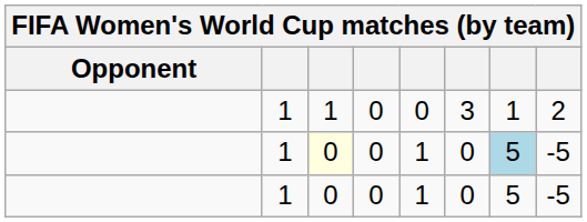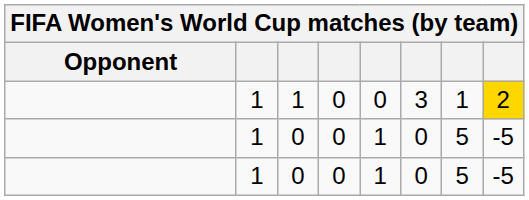 <table class="wikitable sortable" style="text-align: center;">
 <tr>
 <th colspan=8>FIFA Women's World Cup matches (by team)</th>
 </tr>
 <tr>
 <th>Opponent</th>
 <th style="width:20px;"></th>
 <th style="width:20px;"></th>
 <th style="width:20px;"></th>
 <th style="width:20px;"></th>
 <th style="width:20px;"></th>
 <th style="width:20px;"></th>
 <th style="width:20px;"></th>
 </tr>
 <tr>
 <td align="left"></td>
 <td>1</td>
 <td>1</td>
 <td>0</td>
 <td>0</td>
 <td>3</td>
 <td>1</td>
-<td>2</td>
+<td style="background: gold;">2</td>
 </tr>
 <tr>
 <td align="left"></td>
 <td>1</td>
-<td style="background: lightyellow;">0</td>
+<td>0</td>
 <td>0</td>
 <td>1</td>
 <td>0</td>
-<td style="background: lightblue;">5</td>
+<td>5</td>
 <td>-5</td>
 </tr>
 <tr>
 <td align="left"></td>
 <td>1</td>
 <td>0</td>
 <td>0</td>
 <td>1</td>
 <td>0</td>
 <td>5</td>
 <td>-5</td>
 </tr>
 </table>
